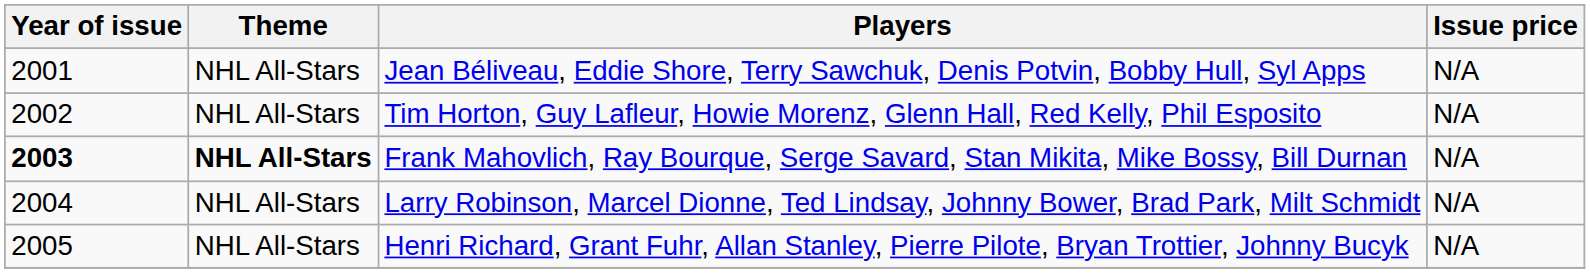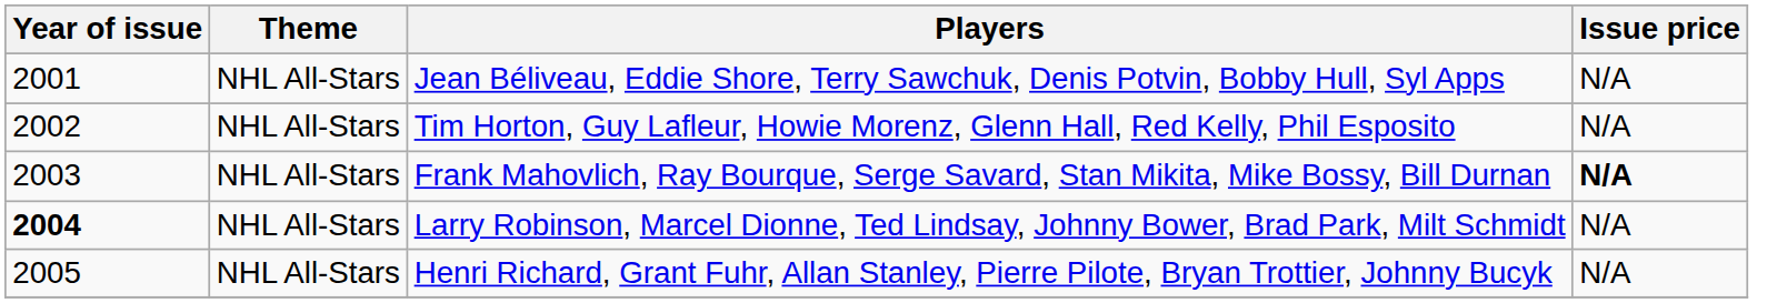 <table class="wikitable sortable">
 <tr>
 <th>Year of issue</th>
 <th>Theme</th>
 <th>Players</th>
 <th>Issue price</th>
 </tr>
 <tr>
 <td>2001</td>
 <td>NHL All-Stars</td>
 <td><a href='#'>Jean Béliveau</a>, <a href='#'>Eddie Shore</a>, <a href='#'>Terry Sawchuk</a>, <a href='#'>Denis Potvin</a>, <a href='#'>Bobby Hull</a>, <a href='#'>Syl Apps</a></td>
 <td>N/A</td>
 </tr>
 <tr>
 <td>2002</td>
 <td>NHL All-Stars</td>
 <td><a href='#'>Tim Horton</a>, <a href='#'>Guy Lafleur</a>, <a href='#'>Howie Morenz</a>, <a href='#'>Glenn Hall</a>, <a href='#'>Red Kelly</a>, <a href='#'>Phil Esposito</a><br></td>
 <td>N/A</td>
 </tr>
 <tr>
-<td><strong>2003</strong></td>
-<td><strong>NHL All-Stars</strong></td>
+<td>2003</td>
+<td>NHL All-Stars</td>
 <td><a href='#'>Frank Mahovlich</a>, <a href='#'>Ray Bourque</a>, <a href='#'>Serge Savard</a>, <a href='#'>Stan Mikita</a>, <a href='#'>Mike Bossy</a>, <a href='#'>Bill Durnan</a></td>
-<td>N/A</td>
+<td><strong>N/A</strong></td>
 </tr>
 <tr>
-<td>2004</td>
+<td><strong>2004</strong></td>
 <td>NHL All-Stars</td>
 <td><a href='#'>Larry Robinson</a>, <a href='#'>Marcel Dionne</a>, <a href='#'>Ted Lindsay</a>, <a href='#'>Johnny Bower</a>, <a href='#'>Brad Park</a>, <a href='#'>Milt Schmidt</a></td>
 <td>N/A</td>
 </tr>
 <tr>
 <td>2005</td>
 <td>NHL All-Stars</td>
 <td><a href='#'>Henri Richard</a>, <a href='#'>Grant Fuhr</a>, <a href='#'>Allan Stanley</a>, <a href='#'>Pierre Pilote</a>, <a href='#'>Bryan Trottier</a>, <a href='#'>Johnny Bucyk</a></td>
 <td>N/A</td>
 </tr>
 <tr>
 </tr>
 </table>
